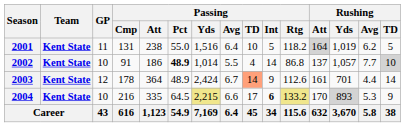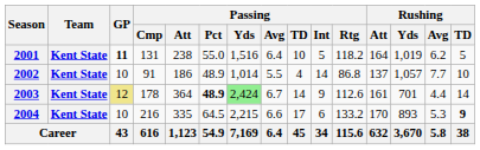 <table class=wikitable style="text-align:center;">
 <tr>
 <th rowspan="2">Season</th>
 <th rowspan="2">Team</th>
 <th rowspan="2">GP</th>
 <th colspan="8">Passing</th>
 <th colspan="4">Rushing</th>
 </tr>
 <tr>
 <th>Cmp</th>
 <th>Att</th>
 <th>Pct</th>
 <th>Yds</th>
 <th>Avg</th>
 <th>TD</th>
 <th>Int</th>
 <th>Rtg</th>
 <th>Att</th>
 <th>Yds</th>
 <th>Avg</th>
 <th>TD</th>
 </tr>
 <tr>
 <th><a href='#'>2001</a></th>
 <th><a href='#'>Kent State</a></th>
-<td>11</td>
+<td><strong>11</strong></td>
 <td>131</td>
 <td>238</td>
 <td>55.0</td>
 <td>1,516</td>
 <td>6.4</td>
 <td>10</td>
 <td>5</td>
 <td>118.2</td>
-<td style="background: lightgrey;">164</td>
+<td>164</td>
 <td>1,019</td>
 <td>6.2</td>
 <td>5</td>
 </tr>
 <tr>
 <th><a href='#'>2002</a></th>
 <th><a href='#'>Kent State</a></th>
 <td>10</td>
 <td>91</td>
 <td>186</td>
-<td><strong>48.9</strong></td>
+<td>48.9</td>
 <td>1,014</td>
 <td>5.5</td>
 <td>4</td>
 <td>14</td>
 <td>86.8</td>
 <td>137</td>
 <td>1,057</td>
 <td>7.7</td>
-<td style="background: lightgrey;">10</td>
+<td>10</td>
 </tr>
 <tr>
 <th><a href='#'>2003</a></th>
 <th><a href='#'>Kent State</a></th>
-<td>12</td>
+<td style="background: khaki;">12</td>
 <td>178</td>
 <td>364</td>
-<td>48.9</td>
-<td>2,424</td>
+<td><strong>48.9</strong></td>
+<td style="background: lightgreen;">2,424</td>
 <td>6.7</td>
-<td style="background: lightsalmon;">14</td>
+<td>14</td>
 <td>9</td>
 <td>112.6</td>
 <td>161</td>
 <td>701</td>
 <td>4.4</td>
 <td>14</td>
 </tr>
 <tr>
 <th><a href='#'>2004</a></th>
 <th><a href='#'>Kent State</a></th>
 <td>10</td>
 <td>216</td>
 <td>335</td>
 <td>64.5</td>
-<td style="background: khaki;">2,215</td>
+<td>2,215</td>
 <td>6.6</td>
 <td>17</td>
-<td><strong>6</strong></td>
-<td style="background: khaki;">133.2</td>
+<td>6</td>
+<td>133.2</td>
 <td>170</td>
-<td style="background: lightgrey;">893</td>
+<td>893</td>
 <td>5.3</td>
-<td>9</td>
+<td><strong>9</strong></td>
 </tr>
 <tr>
 <th colspan="2">Career</th>
 <th>43</th>
 <th>616</th>
 <th>1,123</th>
 <th>54.9</th>
 <th>7,169</th>
 <th>6.4</th>
 <th>45</th>
 <th>34</th>
 <th>115.6</th>
 <th>632</th>
 <th>3,670</th>
 <th>5.8</th>
 <th>38</th>
 </tr>
 </table>
